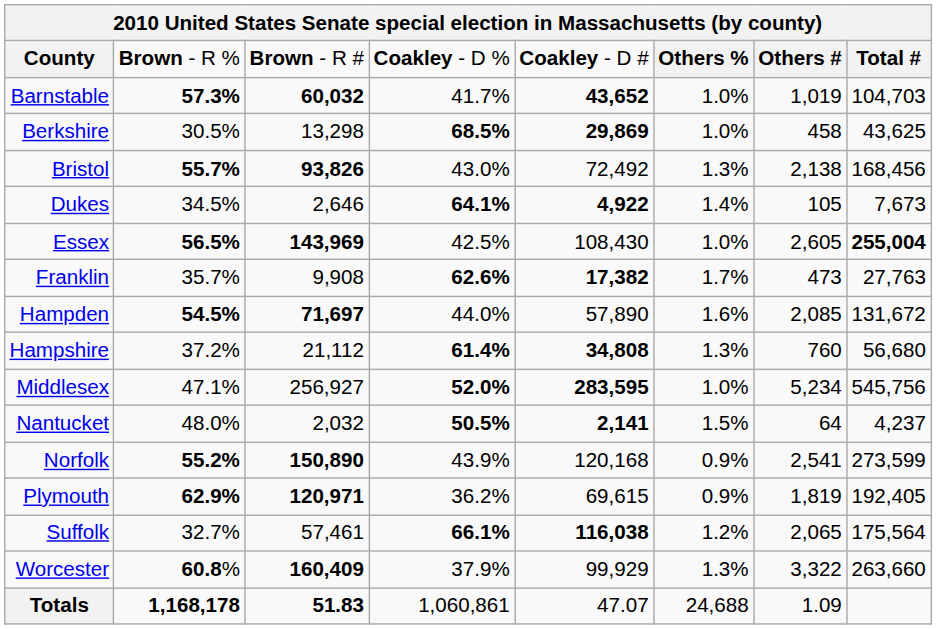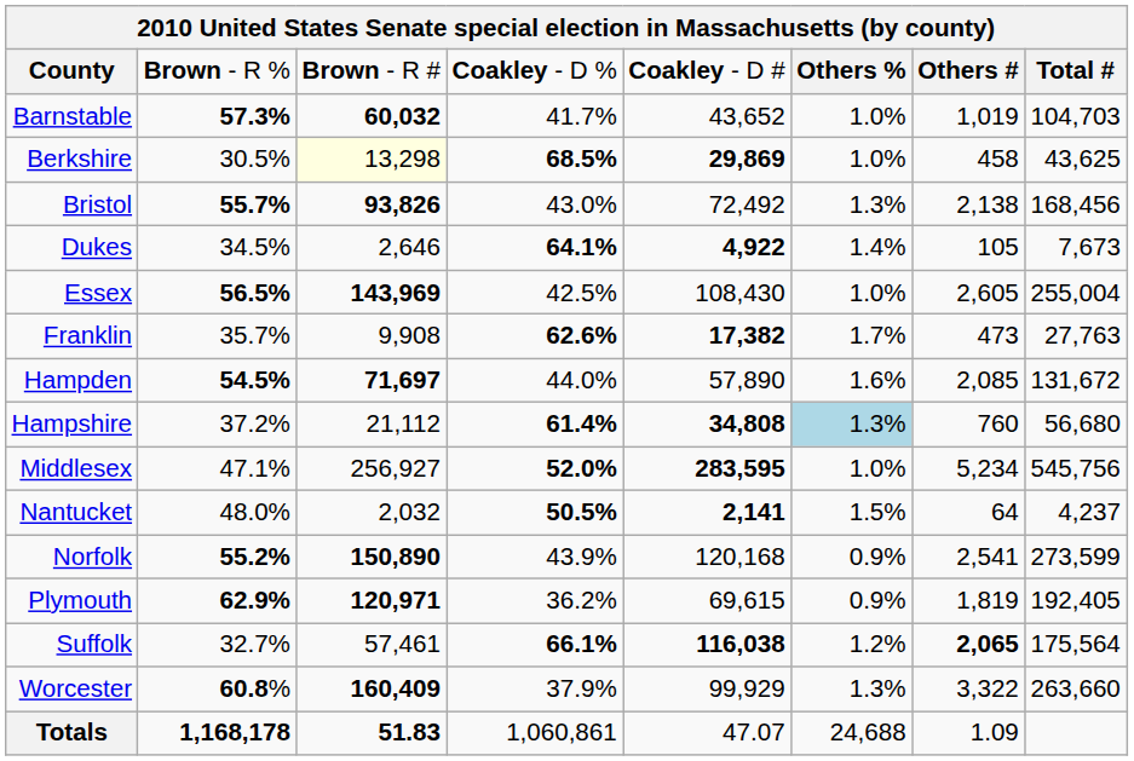 <table class="wikitable sortable" style="text-align:right;font-size:90%;line-height:1.3">
 <tr>
 <th colspan="8">2010 United States Senate special election in Massachusetts (by county) </th>
 </tr>
 <tr>
 <th>County</th>
 <td><strong>Brown</strong> - R %</td>
 <td><strong>Brown</strong> - R #</td>
 <td><strong>Coakley</strong> - D %</td>
 <td><strong>Coakley</strong> - D #</td>
 <th>Others %</th>
 <th>Others #</th>
 <th>Total #</th>
 </tr>
 <tr>
 <td><a href='#'>Barnstable</a></td>
 <td><strong>57.3%</strong></td>
 <td><strong>60,032</strong></td>
 <td>41.7%</td>
-<td><strong>43,652</strong></td>
+<td>43,652</td>
 <td>1.0%</td>
 <td>1,019</td>
 <td>104,703</td>
 </tr>
 <tr>
 <td><a href='#'>Berkshire</a></td>
 <td>30.5%</td>
-<td>13,298</td>
+<td style="background: lightyellow;">13,298</td>
 <td><strong>68.5%</strong></td>
 <td><strong>29,869</strong></td>
 <td>1.0%</td>
 <td>458</td>
 <td>43,625</td>
 </tr>
 <tr>
 <td><a href='#'>Bristol</a></td>
 <td><strong>55.7%</strong></td>
 <td><strong>93,826</strong></td>
 <td>43.0%</td>
 <td>72,492</td>
 <td>1.3%</td>
 <td>2,138</td>
 <td>168,456</td>
 </tr>
 <tr>
 <td><a href='#'>Dukes</a></td>
 <td>34.5%</td>
 <td>2,646</td>
 <td><strong>64.1%</strong></td>
 <td><strong>4,922</strong></td>
 <td>1.4%</td>
 <td>105</td>
 <td>7,673</td>
 </tr>
 <tr>
 <td><a href='#'>Essex</a></td>
 <td><strong>56.5%</strong></td>
 <td><strong>143,969</strong></td>
 <td>42.5%</td>
 <td>108,430</td>
 <td>1.0%</td>
 <td>2,605</td>
-<td><strong>255,004</strong></td>
+<td>255,004</td>
 </tr>
 <tr>
 <td><a href='#'>Franklin</a></td>
 <td>35.7%</td>
 <td>9,908</td>
 <td><strong>62.6%</strong></td>
 <td><strong>17,382</strong></td>
 <td>1.7%</td>
 <td>473</td>
 <td>27,763</td>
 </tr>
 <tr>
 <td><a href='#'>Hampden</a></td>
 <td><strong>54.5%</strong></td>
 <td><strong>71,697</strong></td>
 <td>44.0%</td>
 <td>57,890</td>
 <td>1.6%</td>
 <td>2,085</td>
 <td>131,672</td>
 </tr>
 <tr>
 <td><a href='#'>Hampshire</a></td>
 <td>37.2%</td>
 <td>21,112</td>
 <td><strong>61.4%</strong></td>
 <td><strong>34,808</strong></td>
-<td>1.3%</td>
+<td style="background: lightblue;">1.3%</td>
 <td>760</td>
 <td>56,680</td>
 </tr>
 <tr>
 <td><a href='#'>Middlesex</a></td>
 <td>47.1%</td>
 <td>256,927</td>
 <td><strong>52.0%</strong></td>
 <td><strong>283,595</strong></td>
 <td>1.0%</td>
 <td>5,234</td>
 <td>545,756</td>
 </tr>
 <tr>
 <td><a href='#'>Nantucket</a></td>
 <td>48.0%</td>
 <td>2,032</td>
 <td><strong>50.5%</strong></td>
 <td><strong>2,141</strong></td>
 <td>1.5%</td>
 <td>64</td>
 <td>4,237</td>
 </tr>
 <tr>
 <td><a href='#'>Norfolk</a></td>
 <td><strong>55.2%</strong></td>
 <td><strong>150,890</strong></td>
 <td>43.9%</td>
 <td>120,168</td>
 <td>0.9%</td>
 <td>2,541</td>
 <td>273,599</td>
 </tr>
 <tr>
 <td><a href='#'>Plymouth</a></td>
 <td><strong>62.9%</strong></td>
 <td><strong>120,971</strong></td>
 <td>36.2%</td>
 <td>69,615</td>
 <td>0.9%</td>
 <td>1,819</td>
 <td>192,405</td>
 </tr>
 <tr>
 <td><a href='#'>Suffolk</a></td>
 <td>32.7%</td>
 <td>57,461</td>
 <td><strong>66.1%</strong></td>
 <td><strong>116,038</strong></td>
 <td>1.2%</td>
-<td>2,065</td>
+<td><strong>2,065</strong></td>
 <td>175,564</td>
 </tr>
 <tr>
 <td><a href='#'>Worcester</a></td>
 <td><strong>60.8</strong>%</td>
 <td><strong>160,409</strong></td>
 <td>37.9%</td>
 <td>99,929</td>
 <td>1.3%</td>
 <td>3,322</td>
 <td>263,660</td>
 </tr>
 <tr class=sortbottom>
 <th>Totals</th>
 <td><strong>1,168,178</strong></td>
 <td><strong>51.83</strong></td>
 <td>1,060,861</td>
 <td>47.07</td>
 <td>24,688</td>
 <td>1.09</td>
 </tr>
 </table>
